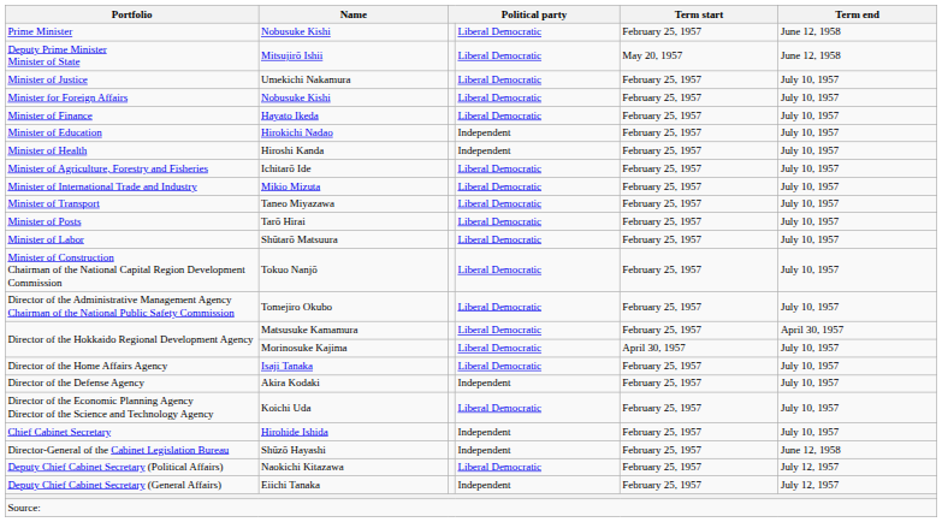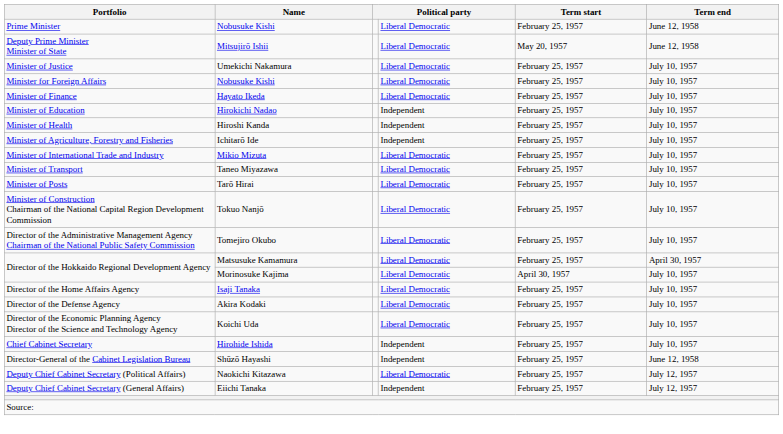 <table class="wikitable" style="font-size: 90%;">
 <tr>
 <th scope="col" width="20%">Portfolio</th>
 <th scope="col" width="15%">Name</th>
 <th colspan="2" scope="col" width="13.5%">Political party</th>
 <th scope="col" width="12.5%">Term start</th>
 <th scope="col" width="12.5%">Term end</th>
 </tr>
 <tr>
 <td style="text-align: left;"><a href='#'>Prime Minister</a></td>
 <td><a href='#'>Nobusuke Kishi</a></td>
 <td width="0.5%" style="background:"></td>
 <td><a href='#'>Liberal Democratic</a></td>
 <td>February 25, 1957</td>
 <td>June 12, 1958</td>
 </tr>
 <tr>
 <td><a href='#'>Deputy Prime Minister</a><br><a href='#'>Minister of State</a></td>
 <td><a href='#'>Mitsujirō Ishii</a></td>
 <td style="color:inherit;background:"></td>
 <td><a href='#'>Liberal Democratic</a></td>
 <td>May 20, 1957</td>
 <td>June 12, 1958</td>
 </tr>
 <tr>
 <td><a href='#'>Minister of Justice</a></td>
 <td>Umekichi Nakamura</td>
 <td style="color:inherit;background:"></td>
 <td><a href='#'>Liberal Democratic</a></td>
 <td>February 25, 1957</td>
 <td>July 10, 1957</td>
 </tr>
 <tr>
 <td><a href='#'>Minister for Foreign Affairs</a></td>
 <td><a href='#'>Nobusuke Kishi</a></td>
 <td style="color:inherit;background:"></td>
 <td><a href='#'>Liberal Democratic</a></td>
 <td>February 25, 1957</td>
 <td>July 10, 1957</td>
 </tr>
 <tr>
 <td><a href='#'>Minister of Finance</a></td>
 <td><a href='#'>Hayato Ikeda</a></td>
 <td style="color:inherit;background:"></td>
 <td><a href='#'>Liberal Democratic</a></td>
 <td>February 25, 1957</td>
 <td>July 10, 1957</td>
 </tr>
 <tr>
 <td><a href='#'>Minister of Education</a></td>
 <td><a href='#'>Hirokichi Nadao</a></td>
 <td style="color:inherit;background:"></td>
 <td>Independent</td>
 <td>February 25, 1957</td>
 <td>July 10, 1957</td>
 </tr>
 <tr>
 <td><a href='#'>Minister of Health</a></td>
 <td>Hiroshi Kanda</td>
 <td style="color:inherit;background:"></td>
 <td>Independent</td>
 <td>February 25, 1957</td>
 <td>July 10, 1957</td>
 </tr>
 <tr>
 <td><a href='#'>Minister of Agriculture, Forestry and Fisheries</a></td>
 <td>Ichitarō Ide</td>
 <td style="color:inherit;background:"></td>
-<td><a href='#'>Liberal Democratic</a></td>
+<td>Independent</td>
 <td>February 25, 1957</td>
 <td>July 10, 1957</td>
 </tr>
 <tr>
 <td><a href='#'>Minister of International Trade and Industry</a></td>
 <td><a href='#'>Mikio Mizuta</a></td>
 <td style="color:inherit;background:"></td>
 <td><a href='#'>Liberal Democratic</a></td>
 <td>February 25, 1957</td>
 <td>July 10, 1957</td>
 </tr>
 <tr>
 <td><a href='#'>Minister of Transport</a></td>
 <td>Taneo Miyazawa</td>
 <td style="color:inherit;background:"></td>
 <td><a href='#'>Liberal Democratic</a></td>
 <td>February 25, 1957</td>
 <td>July 10, 1957</td>
 </tr>
 <tr>
 <td><a href='#'>Minister of Posts</a></td>
 <td>Tarō Hirai</td>
-<td style="color:inherit;background:"></td>
-<td><a href='#'>Liberal Democratic</a></td>
-<td>February 25, 1957</td>
-<td>July 10, 1957</td>
-</tr>
-<tr>
-<td><a href='#'>Minister of Labor</a></td>
-<td>Shūtarō Matsuura</td>
 <td style="color:inherit;background:"></td>
 <td><a href='#'>Liberal Democratic</a></td>
 <td>February 25, 1957</td>
 <td>July 10, 1957</td>
 </tr>
 <tr>
 <td><a href='#'>Minister of Construction</a><br>Chairman of the National Capital Region Development Commission</td>
 <td>Tokuo Nanjō</td>
 <td style="color:inherit;background:"></td>
 <td><a href='#'>Liberal Democratic</a></td>
 <td>February 25, 1957</td>
 <td>July 10, 1957</td>
 </tr>
 <tr>
 <td>Director of the Administrative Management Agency<br><a href='#'>Chairman of the National Public Safety Commission</a></td>
 <td>Tomejiro Okubo</td>
 <td style="color:inherit;background:"></td>
 <td><a href='#'>Liberal Democratic</a></td>
 <td>February 25, 1957</td>
 <td>July 10, 1957</td>
 </tr>
 <tr>
 <td rowspan="2">Director of the Hokkaido Regional Development Agency</td>
 <td>Matsusuke Kamamura</td>
 <td style="color:inherit;background:"></td>
 <td><a href='#'>Liberal Democratic</a></td>
 <td>February 25, 1957</td>
 <td>April 30, 1957</td>
 </tr>
 <tr>
 <td>Morinosuke Kajima</td>
 <td style="color:inherit;background:"></td>
 <td><a href='#'>Liberal Democratic</a></td>
 <td>April 30, 1957</td>
 <td>July 10, 1957</td>
 </tr>
 <tr>
 <td>Director of the Home Affairs Agency</td>
 <td><a href='#'>Isaji Tanaka</a></td>
 <td style="color:inherit;background:"></td>
 <td><a href='#'>Liberal Democratic</a></td>
 <td>February 25, 1957</td>
 <td>July 10, 1957</td>
 </tr>
 <tr>
 <td>Director of the Defense Agency</td>
 <td>Akira Kodaki</td>
 <td style="color:inherit;background:"></td>
-<td>Independent</td>
+<td><a href='#'>Liberal Democratic</a></td>
 <td>February 25, 1957</td>
 <td>July 10, 1957</td>
 </tr>
 <tr>
 <td>Director of the Economic Planning Agency<br>Director of the Science and Technology Agency</td>
 <td>Koichi Uda</td>
 <td style="color:inherit;background:"></td>
 <td><a href='#'>Liberal Democratic</a></td>
 <td>February 25, 1957</td>
 <td>July 10, 1957</td>
 </tr>
 <tr>
 <td><a href='#'>Chief Cabinet Secretary</a></td>
 <td><a href='#'>Hirohide Ishida</a></td>
 <td style="color:inherit;background:"></td>
 <td>Independent</td>
 <td>February 25, 1957</td>
 <td>July 10, 1957</td>
 </tr>
 <tr>
 <td>Director-General of the <a href='#'>Cabinet Legislation Bureau</a></td>
 <td>Shūzō Hayashi</td>
 <td style="color:inherit;background:"></td>
 <td>Independent</td>
 <td>February 25, 1957</td>
 <td>June 12, 1958</td>
 </tr>
 <tr>
 <td><a href='#'>Deputy Chief Cabinet Secretary</a> (Political Affairs)</td>
 <td>Naokichi Kitazawa</td>
 <td style="color:inherit;background:"></td>
 <td><a href='#'>Liberal Democratic</a></td>
 <td>February 25, 1957</td>
 <td>July 12, 1957</td>
 </tr>
 <tr>
 <td><a href='#'>Deputy Chief Cabinet Secretary</a> (General Affairs)</td>
 <td>Eiichi Tanaka</td>
 <td style="color:inherit;background:"></td>
 <td>Independent</td>
 <td>February 25, 1957</td>
 <td>July 12, 1957</td>
 </tr>
 <tr>
 <th colspan="6"></th>
 </tr>
 <tr>
 <td colspan="6">Source:</td>
 </tr>
 </table>
